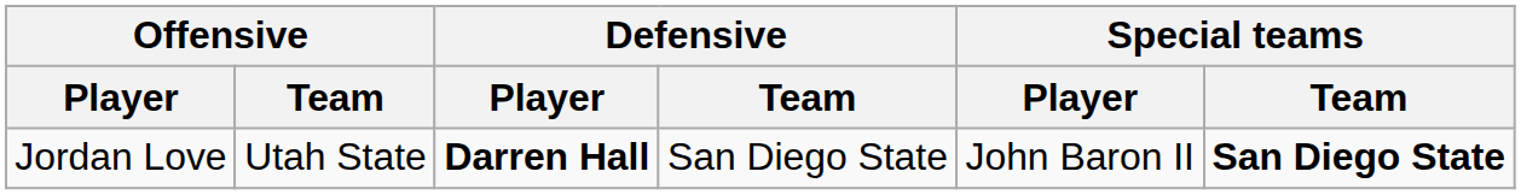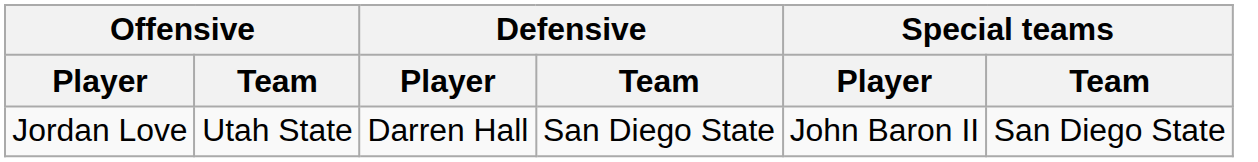 <table class="wikitable">
 <tr>
 <th colspan="2">Offensive</th>
 <th colspan="2">Defensive</th>
 <th colspan="2">Special teams</th>
 </tr>
 <tr>
 <th>Player</th>
 <th>Team</th>
 <th>Player</th>
 <th>Team</th>
 <th>Player</th>
 <th>Team</th>
 </tr>
 <tr>
 <td>Jordan Love</td>
 <td>Utah State</td>
-<td><strong>Darren Hall</strong></td>
+<td>Darren Hall</td>
 <td>San Diego State</td>
 <td>John Baron II</td>
-<td><strong>San Diego State</strong></td>
+<td>San Diego State</td>
 </tr>
 </table>
